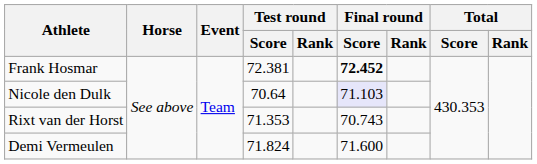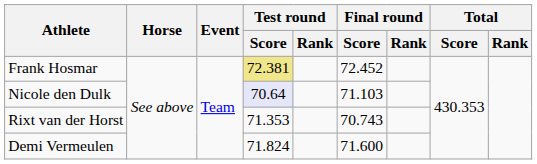 <table class=wikitable style="font-size:90%; text-align:center">
 <tr>
 <th rowspan=2>Athlete</th>
 <th rowspan=2>Horse</th>
 <th rowspan=2>Event</th>
 <th colspan=2>Test round</th>
 <th colspan=2>Final round</th>
 <th colspan=2>Total</th>
 </tr>
 <tr>
 <th>Score</th>
 <th>Rank</th>
 <th>Score</th>
 <th>Rank</th>
 <th>Score</th>
 <th>Rank</th>
 </tr>
 <tr>
 <td align=left>Frank Hosmar</td>
 <td align=left rowspan=4><em>See above</em></td>
 <td align=left rowspan=4><a href='#'>Team</a></td>
-<td>72.381</td>
+<td style="background: khaki;">72.381</td>
 <td></td>
-<td><strong>72.452</strong></td>
+<td>72.452</td>
 <td></td>
 <td rowspan=4>430.353</td>
 <td rowspan=4></td>
 </tr>
 <tr>
 <td align=left>Nicole den Dulk</td>
-<td>70.64</td>
+<td style="background: lavender;">70.64</td>
 <td></td>
-<td style="background: lavender;">71.103</td>
+<td>71.103</td>
 <td></td>
 </tr>
 <tr>
 <td align=left>Rixt van der Horst</td>
 <td>71.353</td>
 <td></td>
 <td>70.743</td>
 <td></td>
 </tr>
 <tr>
 <td align=left>Demi Vermeulen</td>
 <td>71.824</td>
 <td></td>
 <td>71.600</td>
 <td></td>
 </tr>
 </table>
